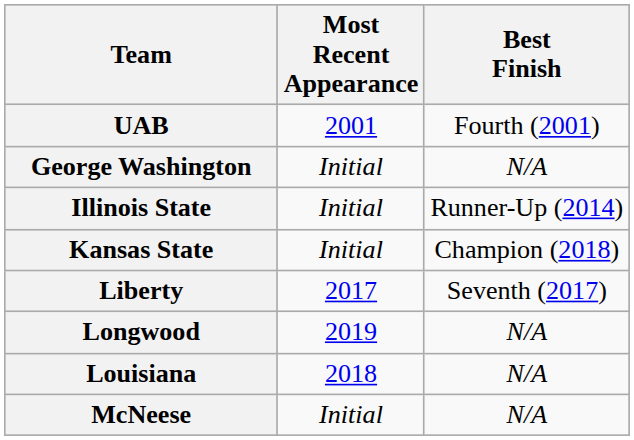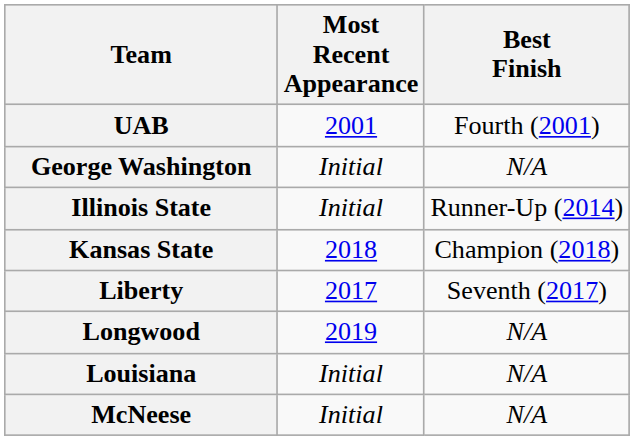 <table class="wikitable">
 <tr>
 <th>Team</th>
 <th>Most<br>Recent<br>Appearance</th>
 <th>Best<br>Finish</th>
 </tr>
 <tr style="text-align:center;">
 <th width="160">UAB</th>
 <td><a href='#'>2001</a></td>
 <td>Fourth (<a href='#'>2001</a>)</td>
 </tr>
 <tr style="text-align:center;">
 <th width="160">George Washington</th>
 <td><em>Initial</em></td>
 <td><em>N/A</em></td>
 </tr>
 <tr style="text-align:center;">
 <th width="160">Illinois State</th>
 <td><em>Initial</em></td>
 <td>Runner-Up (<a href='#'>2014</a>)</td>
 </tr>
 <tr style="text-align:center;">
 <th width="160">Kansas State</th>
-<td><em>Initial</em></td>
+<td><a href='#'>2018</a></td>
 <td>Champion (<a href='#'>2018</a>)</td>
 </tr>
 <tr style="text-align:center;">
 <th width="160">Liberty</th>
 <td><a href='#'>2017</a></td>
 <td>Seventh (<a href='#'>2017</a>)</td>
 </tr>
 <tr style="text-align:center;">
 <th width="160">Longwood</th>
 <td><a href='#'>2019</a></td>
 <td><em>N/A</em></td>
 </tr>
 <tr style="text-align:center;">
 <th width="160">Louisiana</th>
-<td><a href='#'>2018</a></td>
+<td><em>Initial</em></td>
 <td><em>N/A</em></td>
 </tr>
 <tr style="text-align:center;">
 <th width="160">McNeese</th>
 <td><em>Initial</em></td>
 <td><em>N/A</em></td>
 </tr>
 </table>
